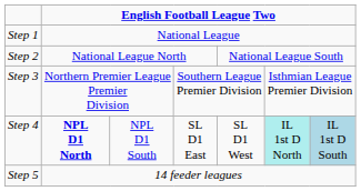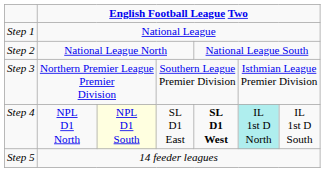 <table class="wikitable" style="text-align: center; font-size: 85%;">
 <tr>
 <td> </td>
 <td colspan="6"><strong><a href='#'>English Football League</a> <a href='#'>Two</a></strong></td>
 </tr>
 <tr style="vertical-align: top;">
 <td><em>Step 1</em></td>
 <td colspan="6"><a href='#'>National League</a></td>
 </tr>
 <tr style="vertical-align: top;">
 <td><em>Step 2</em></td>
 <td colspan="3"><a href='#'>National League North</a></td>
 <td colspan="3"><a href='#'>National League South</a></td>
 </tr>
 <tr style="vertical-align: top;">
 <td><em>Step 3</em></td>
 <td colspan="2"><a href='#'>Northern Premier League</a><br><a href='#'>Premier <br>Division</a></td>
 <td colspan="2"><a href='#'>Southern League</a><br>Premier Division</td>
 <td colspan="2"><a href='#'>Isthmian League</a><br>Premier Division</td>
 </tr>
 <tr style="vertical-align: top;">
 <td><em>Step 4</em></td>
-<td><strong><a href='#'>NPL<br>D1 <br>North</a></strong></td>
-<td><a href='#'>NPL<br>D1 <br>South</a></td>
+<td><a href='#'>NPL<br>D1 <br>North</a></td>
+<td style="background: lightyellow;"><a href='#'>NPL<br>D1 <br>South</a></td>
 <td>SL<br>D1   <br>East</td>
-<td>SL<br>D1   <br>West</td>
+<td><strong>SL<br>D1   <br>West</strong></td>
 <td style="background: paleturquoise;">IL <br>1st D<br>North</td>
-<td style="background: lightblue;">IL <br>1st D<br>South</td>
+<td>IL <br>1st D<br>South</td>
 </tr>
 <tr style="vertical-align: top;">
 <td><em>Step 5</em></td>
 <td colspan="6"><em>14 feeder leagues</em></td>
 </tr>
 </table>
